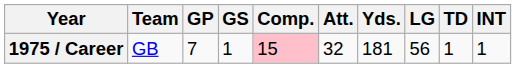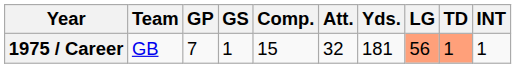 <table class="wikitable">
 <tr>
 <th>Year</th>
 <th>Team</th>
 <th>GP</th>
 <th>GS</th>
 <th>Comp.</th>
 <th>Att.</th>
 <th>Yds.</th>
 <th>LG</th>
 <th>TD</th>
 <th>INT</th>
 </tr>
 <tr>
 <th>1975 / Career</th>
 <td><a href='#'>GB</a></td>
 <td>7</td>
 <td>1</td>
-<td style="background: pink;">15</td>
+<td>15</td>
 <td>32</td>
 <td>181</td>
-<td>56</td>
-<td>1</td>
+<td style="background: lightsalmon;">56</td>
+<td style="background: lightsalmon;">1</td>
 <td>1</td>
 </tr>
 </table>
